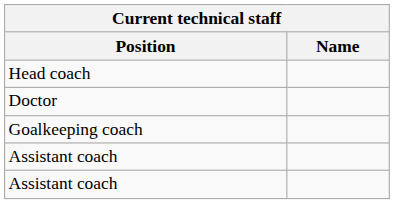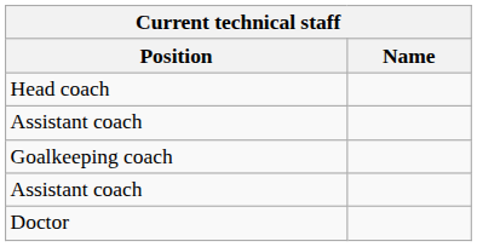 <table class="wikitable" width=40% style="text-align:left;font-size:100%;">
 <tr>
 <th colspan="2">Current technical staff</th>
 </tr>
 <tr>
 <th>Position</th>
 <th>Name</th>
 </tr>
 <tr>
 <td>Head coach</td>
 <td> </td>
 </tr>
 <tr>
-<td>Doctor</td>
+<td>Assistant coach</td>
 <td> </td>
 </tr>
 <tr>
 <td>Goalkeeping coach</td>
 <td> </td>
 </tr>
 <tr>
 <td>Assistant coach</td>
 <td> </td>
 </tr>
 <tr>
-<td>Assistant coach</td>
+<td>Doctor</td>
 <td> </td>
 </tr>
 </table>
